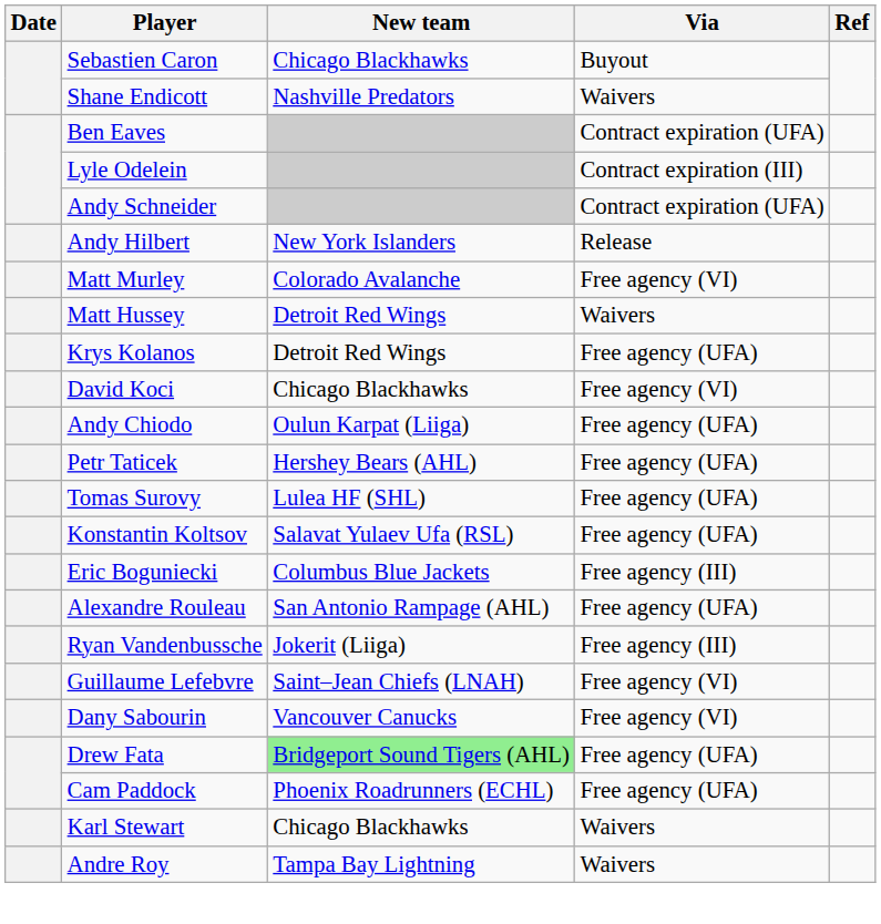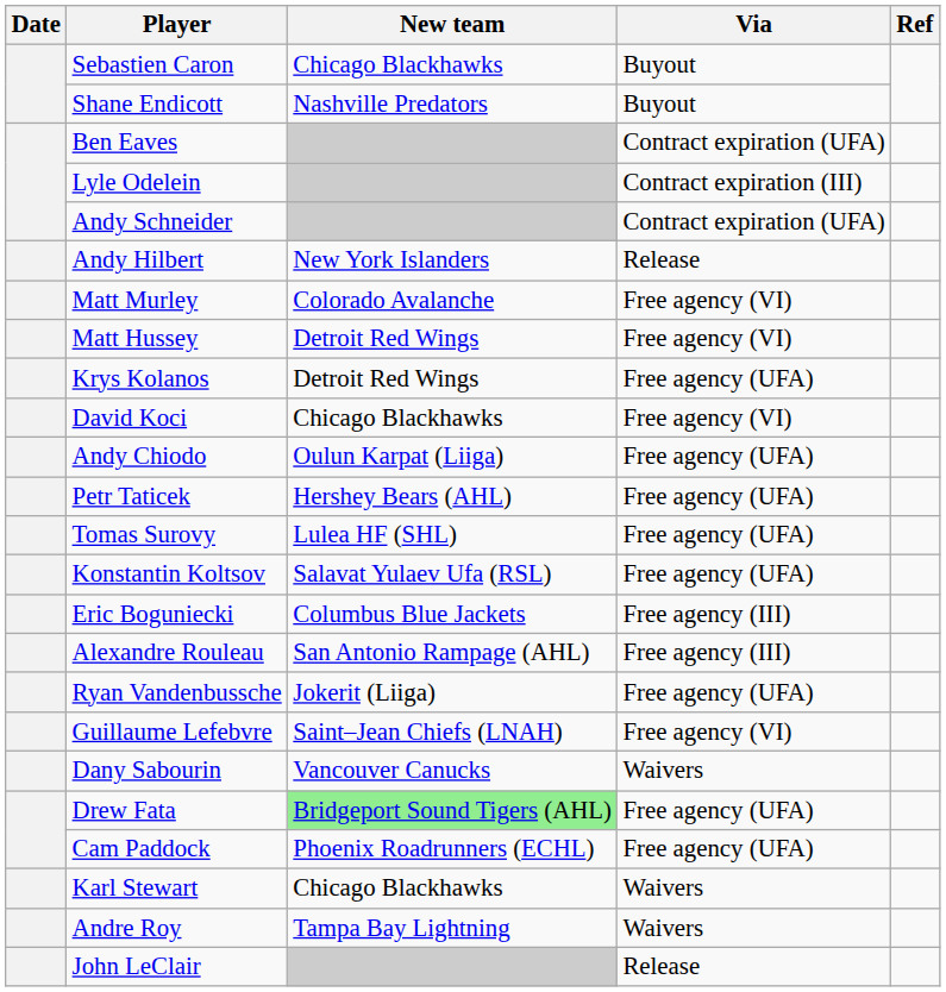 <table class="wikitable plainrowheaders">
 <tr style="background:#ddd; text-align:center;">
 <th>Date</th>
 <th>Player</th>
 <th>New team</th>
 <th>Via</th>
 <th>Ref</th>
 </tr>
 <tr>
 <th scope="row" rowspan=2></th>
 <td><a href='#'>Sebastien Caron</a></td>
 <td><a href='#'>Chicago Blackhawks</a></td>
 <td>Buyout</td>
 <td rowspan=2></td>
 </tr>
 <tr>
 <td><a href='#'>Shane Endicott</a></td>
 <td><a href='#'>Nashville Predators</a></td>
-<td>Waivers</td>
+<td>Buyout</td>
 </tr>
 <tr>
 <th scope="row" rowspan=3></th>
 <td><a href='#'>Ben Eaves</a></td>
 <td style="background:#ccc"></td>
 <td>Contract expiration (UFA)</td>
 <td></td>
 </tr>
 <tr>
 <td><a href='#'>Lyle Odelein</a></td>
 <td style="background:#ccc"></td>
 <td>Contract expiration (III)</td>
 <td></td>
 </tr>
 <tr>
 <td><a href='#'>Andy Schneider</a></td>
 <td style="background:#ccc"></td>
 <td>Contract expiration (UFA)</td>
 <td></td>
 </tr>
 <tr>
 <th scope="row"></th>
 <td><a href='#'>Andy Hilbert</a></td>
 <td><a href='#'>New York Islanders</a></td>
 <td>Release</td>
 <td></td>
 </tr>
 <tr>
 <th scope="row"></th>
 <td><a href='#'>Matt Murley</a></td>
 <td><a href='#'>Colorado Avalanche</a></td>
 <td>Free agency (VI)</td>
 <td></td>
 </tr>
 <tr>
 <th scope="row"></th>
 <td><a href='#'>Matt Hussey</a></td>
 <td><a href='#'>Detroit Red Wings</a></td>
-<td>Waivers</td>
+<td>Free agency (VI)</td>
 <td></td>
 </tr>
 <tr>
 <th scope="row"></th>
 <td><a href='#'>Krys Kolanos</a></td>
 <td>Detroit Red Wings</td>
 <td>Free agency (UFA)</td>
 <td></td>
 </tr>
 <tr>
 <th scope="row"></th>
 <td><a href='#'>David Koci</a></td>
 <td>Chicago Blackhawks</td>
 <td>Free agency (VI)</td>
 <td></td>
 </tr>
 <tr>
 <th scope="row"></th>
 <td><a href='#'>Andy Chiodo</a></td>
 <td><a href='#'>Oulun Karpat</a> (<a href='#'>Liiga</a>)</td>
 <td>Free agency (UFA)</td>
 <td></td>
 </tr>
 <tr>
 <th scope="row"></th>
 <td><a href='#'>Petr Taticek</a></td>
 <td><a href='#'>Hershey Bears</a> (<a href='#'>AHL</a>)</td>
 <td>Free agency (UFA)</td>
 <td></td>
 </tr>
 <tr>
 <th scope="row"></th>
 <td><a href='#'>Tomas Surovy</a></td>
 <td><a href='#'>Lulea HF</a> (<a href='#'>SHL</a>)</td>
 <td>Free agency (UFA)</td>
 <td></td>
 </tr>
 <tr>
 <th scope="row"></th>
 <td><a href='#'>Konstantin Koltsov</a></td>
 <td><a href='#'>Salavat Yulaev Ufa</a> (<a href='#'>RSL</a>)</td>
 <td>Free agency (UFA)</td>
 <td></td>
 </tr>
 <tr>
 <th scope="row"></th>
 <td><a href='#'>Eric Boguniecki</a></td>
 <td><a href='#'>Columbus Blue Jackets</a></td>
 <td>Free agency (III)</td>
 <td></td>
 </tr>
 <tr>
 <th scope="row"></th>
 <td><a href='#'>Alexandre Rouleau</a></td>
 <td><a href='#'>San Antonio Rampage</a> (AHL)</td>
-<td>Free agency (UFA)</td>
+<td>Free agency (III)</td>
 <td></td>
 </tr>
 <tr>
 <th scope="row"></th>
 <td><a href='#'>Ryan Vandenbussche</a></td>
 <td><a href='#'>Jokerit</a> (Liiga)</td>
-<td>Free agency (III)</td>
+<td>Free agency (UFA)</td>
 <td></td>
 </tr>
 <tr>
 <th scope="row"></th>
 <td><a href='#'>Guillaume Lefebvre</a></td>
 <td><a href='#'>Saint–Jean Chiefs</a> (<a href='#'>LNAH</a>)</td>
 <td>Free agency (VI)</td>
 <td></td>
 </tr>
 <tr>
 <th scope="row"></th>
 <td><a href='#'>Dany Sabourin</a></td>
 <td><a href='#'>Vancouver Canucks</a></td>
-<td>Free agency (VI)</td>
+<td>Waivers</td>
 <td></td>
 </tr>
 <tr>
 <th scope="row" rowspan=2></th>
 <td><a href='#'>Drew Fata</a></td>
 <td style="background: lightgreen;"><a href='#'>Bridgeport Sound Tigers</a> (AHL)</td>
 <td>Free agency (UFA)</td>
 <td></td>
 </tr>
 <tr>
 <td><a href='#'>Cam Paddock</a></td>
 <td><a href='#'>Phoenix Roadrunners</a> (<a href='#'>ECHL</a>)</td>
 <td>Free agency (UFA)</td>
 <td></td>
 </tr>
 <tr>
 <th scope="row"></th>
 <td><a href='#'>Karl Stewart</a></td>
 <td>Chicago Blackhawks</td>
 <td>Waivers</td>
 <td></td>
 </tr>
 <tr>
 <th scope="row"></th>
 <td><a href='#'>Andre Roy</a></td>
 <td><a href='#'>Tampa Bay Lightning</a></td>
 <td>Waivers</td>
 <td></td>
 </tr>
+<tr>
+<th scope="row"></th>
+<td><a href='#'>John LeClair</a></td>
+<td style="background:#ccc"></td>
+<td>Release</td>
+<td></td>
+</tr>
 </table>
